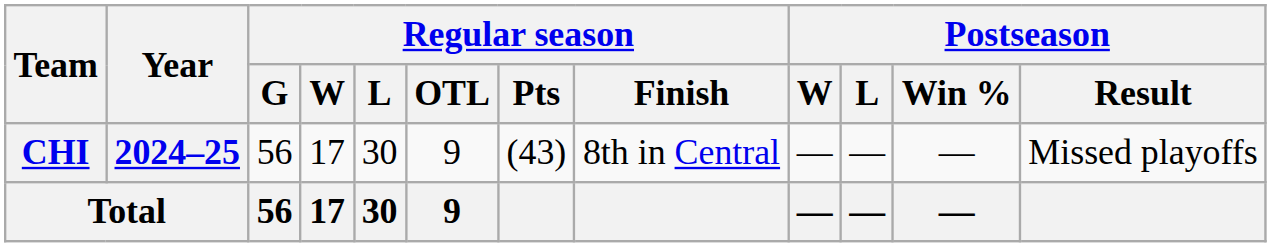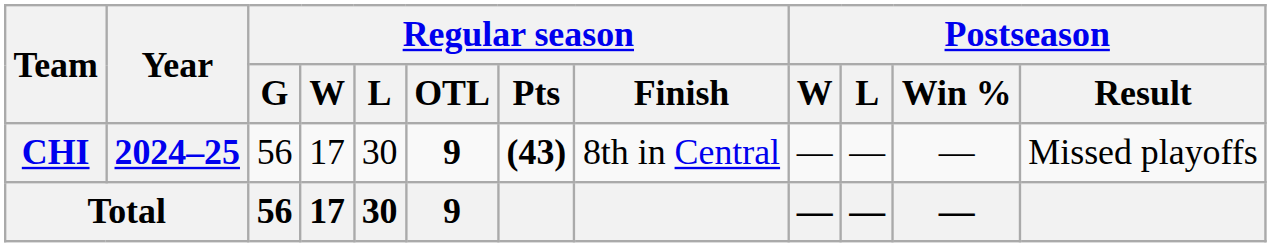 <table class="wikitable" style="font-size: 95%; text-align:center;">
 <tr>
 <th rowspan="2">Team</th>
 <th rowspan="2">Year</th>
 <th colspan="6"><a href='#'>Regular season</a></th>
 <th colspan="4"><a href='#'>Postseason</a></th>
 </tr>
 <tr>
 <th>G</th>
 <th>W</th>
 <th>L</th>
 <th>OTL</th>
 <th>Pts</th>
 <th>Finish</th>
 <th>W</th>
 <th>L</th>
 <th>Win %</th>
 <th>Result</th>
 </tr>
 <tr>
 <th><a href='#'>CHI</a></th>
 <th><a href='#'>2024–25</a></th>
 <td>56</td>
 <td>17</td>
 <td>30</td>
-<td>9</td>
-<td>(43)</td>
+<td><strong>9</strong></td>
+<td><strong>(43)</strong></td>
 <td>8th in <a href='#'>Central</a></td>
 <td>—</td>
 <td>—</td>
 <td>—</td>
 <td>Missed playoffs</td>
 </tr>
 <tr>
 <th colspan="2">Total</th>
 <th>56</th>
 <th>17</th>
 <th>30</th>
 <th>9</th>
 <th> </th>
 <th> </th>
 <th>—</th>
 <th>—</th>
 <th>—</th>
 <th> </th>
 </tr>
 </table>
